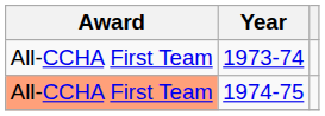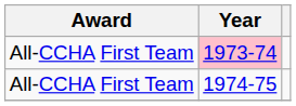 <table class="wikitable">
 <tr>
 <th>Award</th>
 <th>Year</th>
 <th></th>
 </tr>
 <tr>
 <td>All-<a href='#'>CCHA</a> <a href='#'>First Team</a></td>
-<td><a href='#'>1973-74</a></td>
+<td style="background: pink;"><a href='#'>1973-74</a></td>
 <td></td>
 </tr>
 <tr>
-<td style="background: lightsalmon;">All-<a href='#'>CCHA</a> <a href='#'>First Team</a></td>
+<td>All-<a href='#'>CCHA</a> <a href='#'>First Team</a></td>
 <td><a href='#'>1974-75</a></td>
 <td></td>
 </tr>
 <tr>
 </tr>
 </table>
